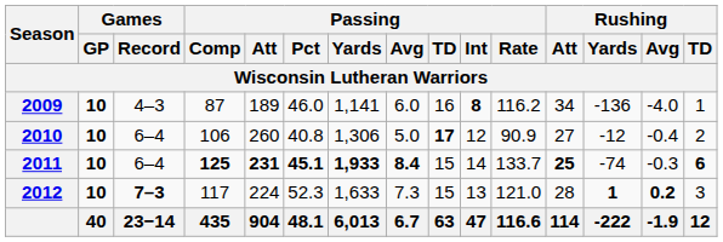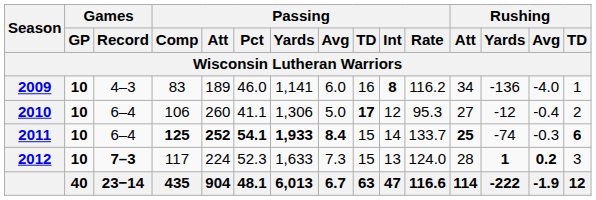 <table class="wikitable" style="text-align:center;">
 <tr>
 <th rowspan="2">Season</th>
 <th colspan="2">Games</th>
 <th colspan="8">Passing</th>
 <th colspan="4">Rushing</th>
 </tr>
 <tr>
 <th>GP</th>
 <th>Record</th>
 <th>Comp</th>
 <th>Att</th>
 <th>Pct</th>
 <th>Yards</th>
 <th>Avg</th>
 <th>TD</th>
 <th>Int</th>
 <th>Rate</th>
 <th>Att</th>
 <th>Yards</th>
 <th>Avg</th>
 <th>TD</th>
 </tr>
 <tr>
 <th colspan="16">Wisconsin Lutheran Warriors</th>
 </tr>
 <tr>
 <th><a href='#'>2009</a></th>
 <td><strong>10</strong></td>
 <td>4–3</td>
-<td>87</td>
+<td>83</td>
 <td>189</td>
 <td>46.0</td>
 <td>1,141</td>
 <td>6.0</td>
 <td>16</td>
 <td><strong>8</strong></td>
 <td>116.2</td>
 <td>34</td>
 <td>-136</td>
 <td>-4.0</td>
 <td>1</td>
 </tr>
 <tr>
 <th><a href='#'>2010</a></th>
 <td><strong>10</strong></td>
 <td>6–4</td>
 <td>106</td>
 <td>260</td>
-<td>40.8</td>
+<td>41.1</td>
 <td>1,306</td>
 <td>5.0</td>
 <td><strong>17</strong></td>
 <td>12</td>
-<td>90.9</td>
+<td>95.3</td>
 <td>27</td>
 <td>-12</td>
 <td>-0.4</td>
 <td>2</td>
 </tr>
 <tr>
 <th><a href='#'>2011</a></th>
 <td><strong>10</strong></td>
 <td>6–4</td>
 <td><strong>125</strong></td>
-<td><strong>231</strong></td>
-<td><strong>45.1</strong></td>
+<td><strong>252</strong></td>
+<td><strong>54.1</strong></td>
 <td><strong>1,933</strong></td>
 <td><strong>8.4</strong></td>
 <td>15</td>
 <td>14</td>
 <td>133.7</td>
 <td><strong>25</strong></td>
 <td>-74</td>
 <td>-0.3</td>
 <td><strong>6</strong></td>
 </tr>
 <tr>
 <th><a href='#'>2012</a></th>
 <td><strong>10</strong></td>
 <td><strong>7–3</strong></td>
 <td>117</td>
 <td>224</td>
 <td>52.3</td>
 <td>1,633</td>
 <td>7.3</td>
 <td>15</td>
 <td>13</td>
-<td>121.0</td>
+<td>124.0</td>
 <td>28</td>
 <td><strong>1</strong></td>
 <td><strong>0.2</strong></td>
 <td>3</td>
 </tr>
 <tr>
 <th></th>
 <th>40</th>
 <th>23−14</th>
 <th>435</th>
 <th>904</th>
 <th>48.1</th>
 <th>6,013</th>
 <th>6.7</th>
 <th>63</th>
 <th>47</th>
 <th>116.6</th>
 <th>114</th>
 <th>-222</th>
 <th>-1.9</th>
 <th>12</th>
 </tr>
 </table>
